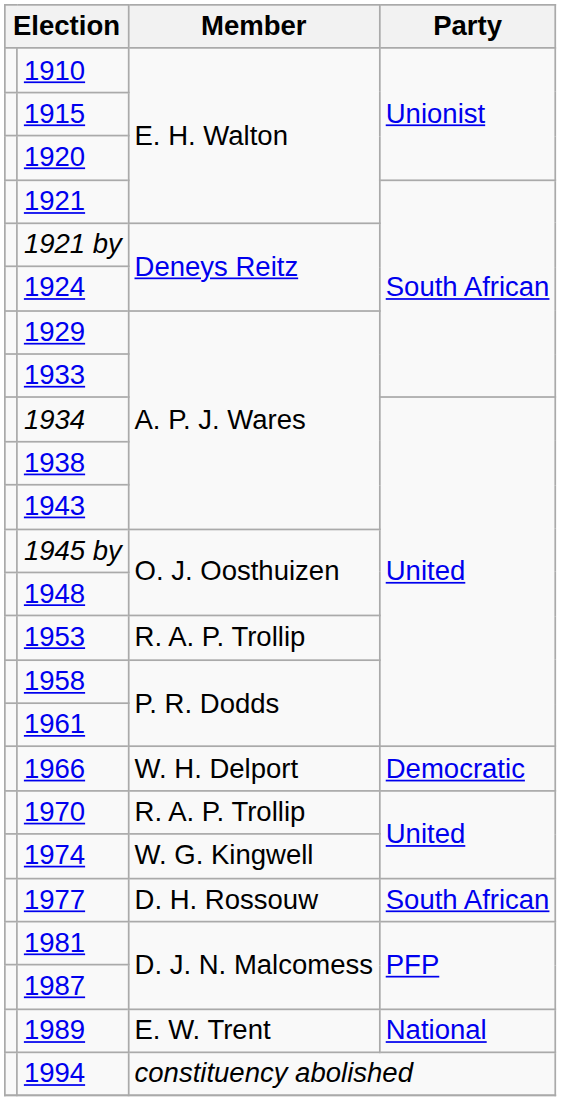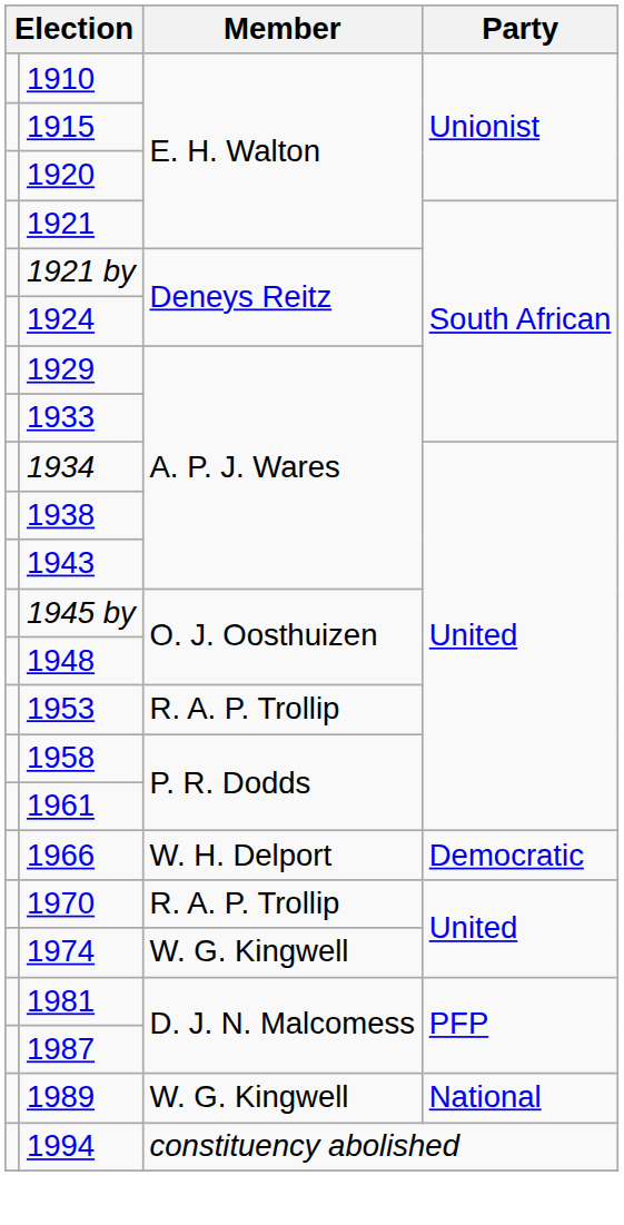 <table class="wikitable">
 <tr>
 <th colspan="2">Election</th>
 <th>Member</th>
 <th>Party</th>
 </tr>
 <tr>
 <td style="background-color: "></td>
 <td><a href='#'>1910</a></td>
 <td rowspan="4">E. H. Walton</td>
 <td rowspan="3"><a href='#'>Unionist</a></td>
 </tr>
 <tr>
 <td style="background-color: "></td>
 <td><a href='#'>1915</a></td>
 </tr>
 <tr>
 <td style="background-color: "></td>
 <td><a href='#'>1920</a></td>
 </tr>
 <tr>
 <td style="background-color: "></td>
 <td><a href='#'>1921</a></td>
 <td rowspan="5"><a href='#'>South African</a></td>
 </tr>
 <tr>
 <td style="background-color: "></td>
 <td><em>1921 by</em></td>
 <td rowspan="2"><a href='#'>Deneys Reitz</a></td>
 </tr>
 <tr>
 <td style="background-color: "></td>
 <td><a href='#'>1924</a></td>
 </tr>
 <tr>
 <td style="background-color: "></td>
 <td><a href='#'>1929</a></td>
 <td rowspan="5">A. P. J. Wares</td>
 </tr>
 <tr>
 <td style="background-color: "></td>
 <td><a href='#'>1933</a></td>
 </tr>
 <tr>
 <td style="background-color: "></td>
 <td><em>1934</em></td>
 <td rowspan="8"><a href='#'>United</a></td>
 </tr>
 <tr>
 <td style="background-color: "></td>
 <td><a href='#'>1938</a></td>
 </tr>
 <tr>
 <td style="background-color: "></td>
 <td><a href='#'>1943</a></td>
 </tr>
 <tr>
 <td style="background-color: "></td>
 <td><em>1945 by</em></td>
 <td rowspan="2">O. J. Oosthuizen</td>
 </tr>
 <tr>
 <td style="background-color: "></td>
 <td><a href='#'>1948</a></td>
 </tr>
 <tr>
 <td style="background-color: "></td>
 <td><a href='#'>1953</a></td>
 <td>R. A. P. Trollip</td>
 </tr>
 <tr>
 <td style="background-color: "></td>
 <td><a href='#'>1958</a></td>
 <td rowspan="2">P. R. Dodds</td>
 </tr>
 <tr>
 <td style="background-color: "></td>
 <td><a href='#'>1961</a></td>
 </tr>
 <tr>
 <td style="background-color: "></td>
 <td><a href='#'>1966</a></td>
 <td>W. H. Delport</td>
 <td><a href='#'>Democratic</a></td>
 </tr>
 <tr>
 <td style="background-color: "></td>
 <td><a href='#'>1970</a></td>
 <td>R. A. P. Trollip</td>
 <td rowspan="2"><a href='#'>United</a></td>
 </tr>
 <tr>
 <td style="background-color: "></td>
 <td><a href='#'>1974</a></td>
 <td>W. G. Kingwell</td>
 </tr>
 <tr>
 <td style="background-color: "></td>
-<td><a href='#'>1977</a></td>
-<td>D. H. Rossouw</td>
-<td><a href='#'>South African</a></td>
-</tr>
-<tr>
-<td style="background-color: "></td>
 <td><a href='#'>1981</a></td>
 <td rowspan="2">D. J. N. Malcomess</td>
 <td rowspan="2"><a href='#'>PFP</a></td>
 </tr>
 <tr>
 <td style="background-color: "></td>
 <td><a href='#'>1987</a></td>
 </tr>
 <tr>
 <td style="background-color: "></td>
 <td><a href='#'>1989</a></td>
-<td>E. W. Trent</td>
+<td>W. G. Kingwell</td>
 <td><a href='#'>National</a></td>
 </tr>
 <tr>
 <td style="background-color: "></td>
 <td><a href='#'>1994</a></td>
 <td colspan="2"><em>constituency abolished</em></td>
 </tr>
 <tr>
 </tr>
 </table>
